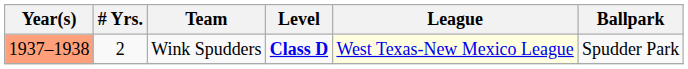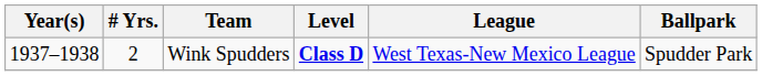 <table class="wikitable" style="text-align:center; font-size: 95%;">
 <tr>
 <th>Year(s)</th>
 <th># Yrs.</th>
 <th>Team</th>
 <th>Level</th>
 <th>League</th>
 <th>Ballpark</th>
 </tr>
 <tr>
-<td style="background: lightsalmon;">1937–1938</td>
+<td>1937–1938</td>
 <td>2</td>
 <td>Wink Spudders</td>
 <td><strong><a href='#'>Class D</a></strong></td>
-<td style="background: lightyellow;"><a href='#'>West Texas-New Mexico League</a></td>
+<td><a href='#'>West Texas-New Mexico League</a></td>
 <td>Spudder Park</td>
 </tr>
 <tr>
 </tr>
 </table>
